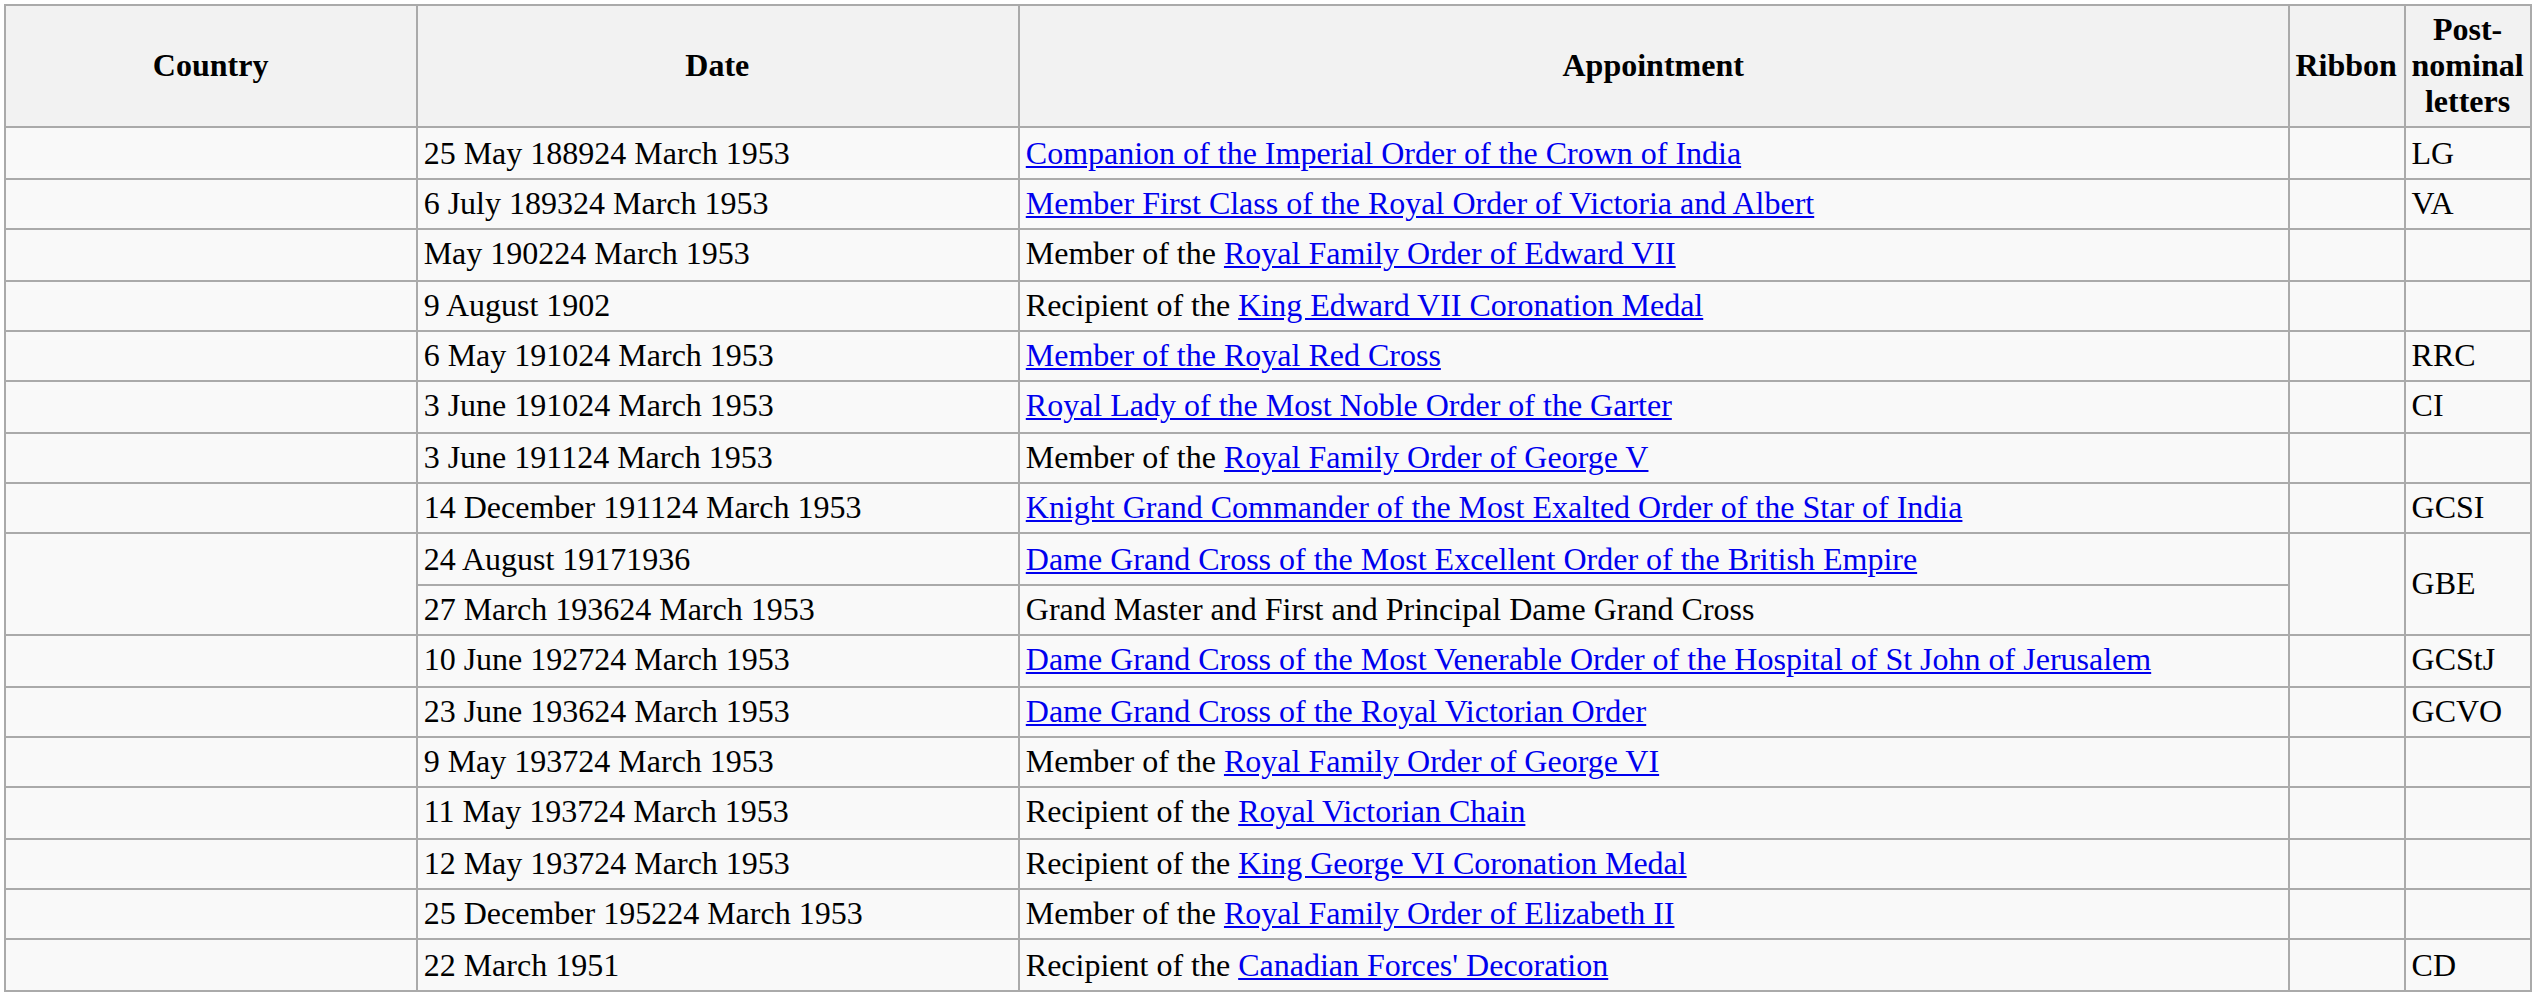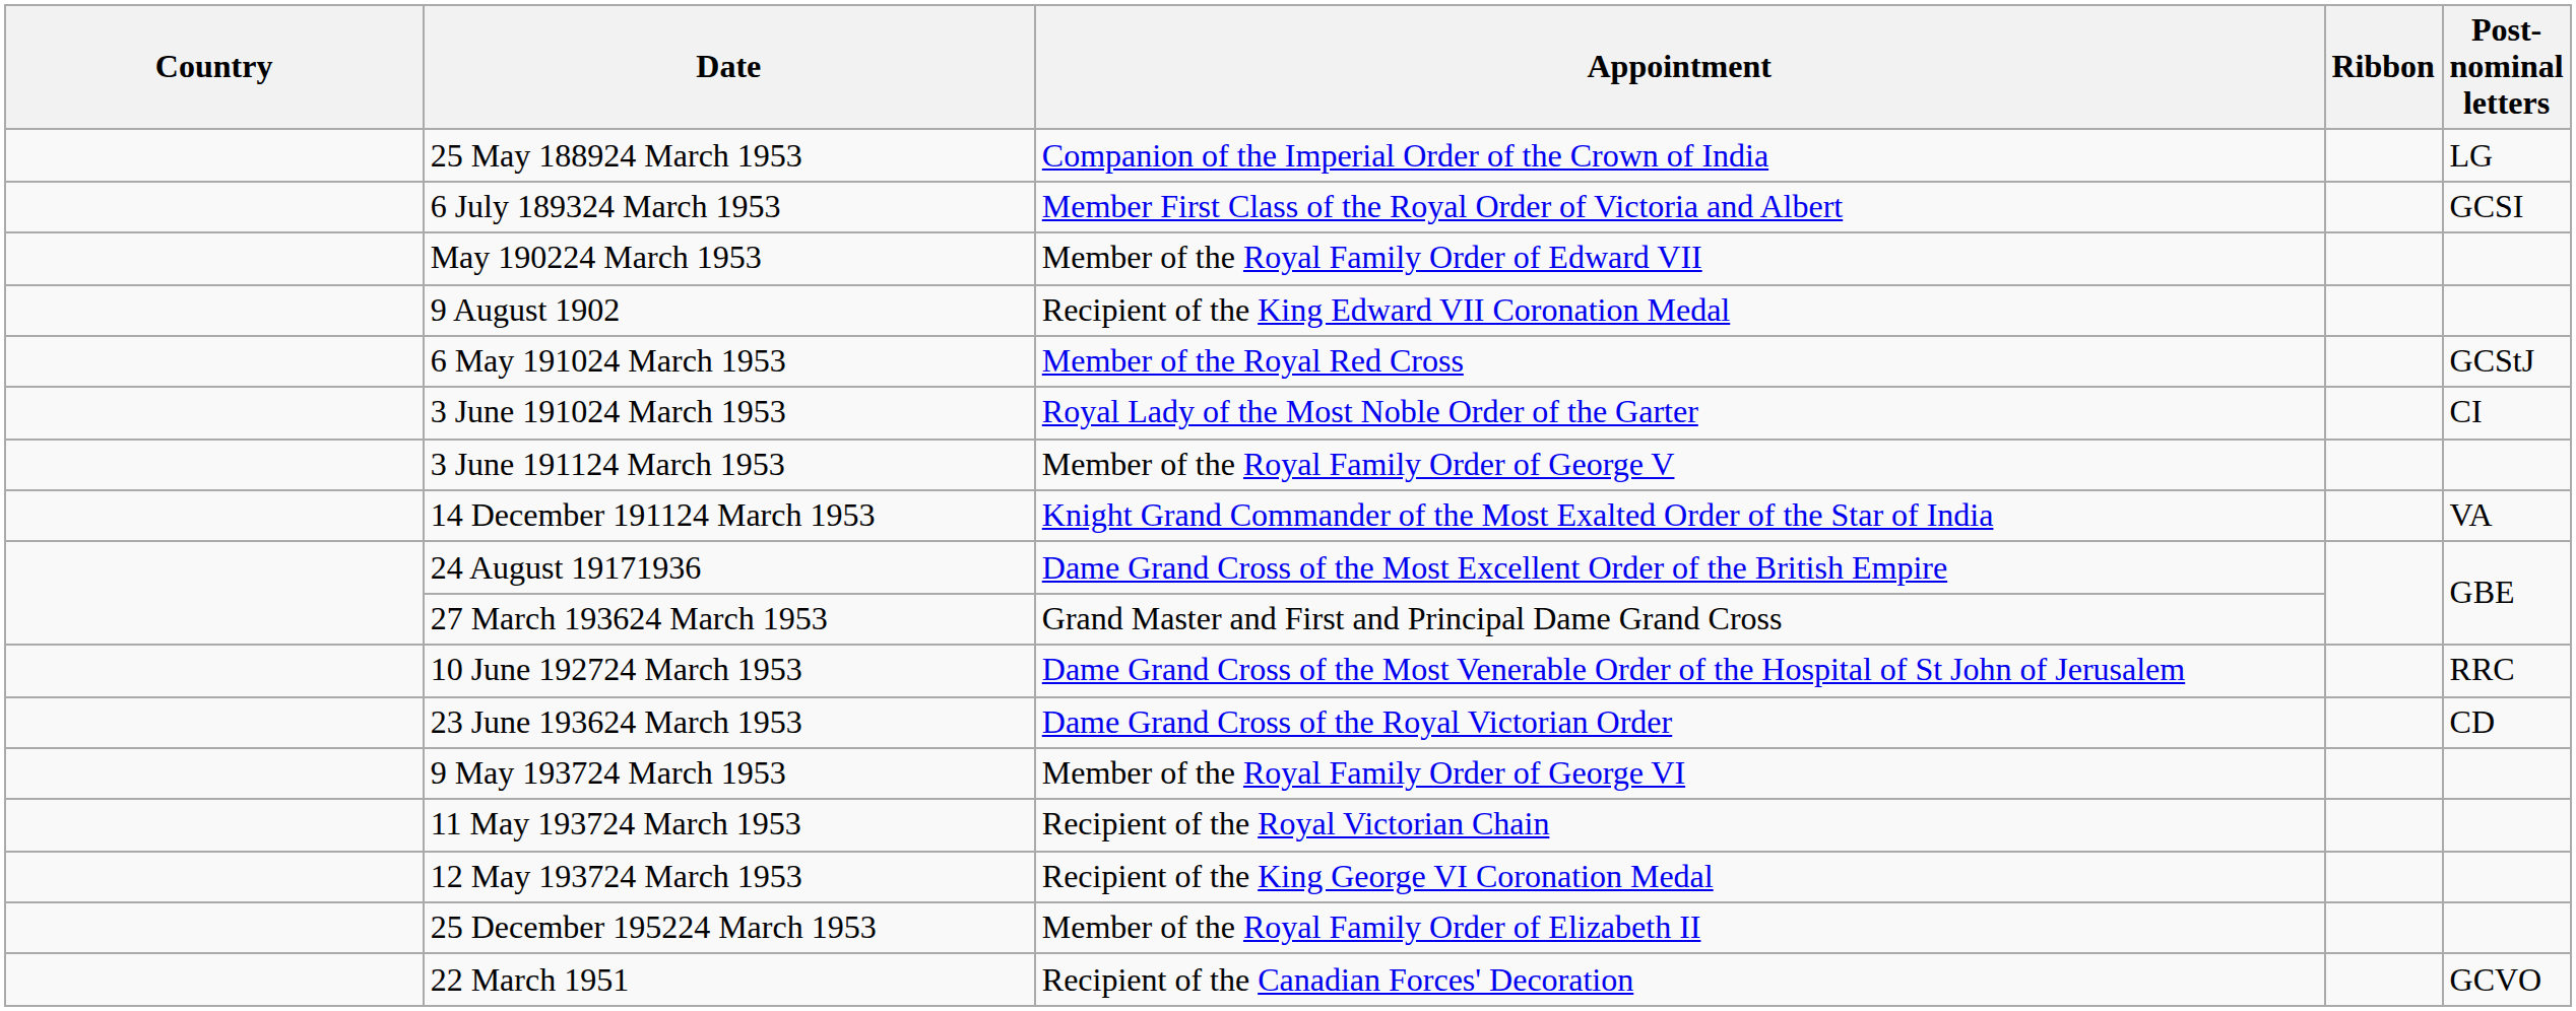 <table class="wikitable" width="100%">
 <tr>
 <th width="17%">Country</th>
 <th width="25%">Date</th>
 <th width="53%" colspan="2">Appointment</th>
 <th>Ribbon</th>
 <th width="5%">Post-nominal letters</th>
 </tr>
 <tr>
 <td></td>
 <td>25 May 188924 March 1953</td>
 <td colspan="2"><a href='#'>Companion of the Imperial Order of the Crown of India</a></td>
 <td></td>
 <td>LG</td>
 </tr>
 <tr>
 <td></td>
 <td>6 July 189324 March 1953</td>
 <td colspan="2"><a href='#'>Member First Class of the Royal Order of Victoria and Albert</a></td>
 <td></td>
-<td>VA</td>
+<td>GCSI</td>
 </tr>
 <tr>
 <td></td>
 <td>May 190224 March 1953</td>
 <td colspan="2">Member of the <a href='#'>Royal Family Order of Edward VII</a></td>
 <td></td>
 <td></td>
 </tr>
 <tr>
 <td></td>
 <td>9 August 1902</td>
 <td colspan="2">Recipient of the <a href='#'>King Edward VII Coronation Medal</a></td>
 <td></td>
 <td></td>
 </tr>
 <tr>
 <td></td>
 <td>6 May 191024 March 1953</td>
 <td colspan="2"><a href='#'>Member of the Royal Red Cross</a></td>
 <td></td>
-<td>RRC</td>
+<td>GCStJ</td>
 </tr>
 <tr>
 <td></td>
 <td>3 June 191024 March 1953</td>
 <td colspan="2"><a href='#'>Royal Lady of the Most Noble Order of the Garter</a></td>
 <td></td>
 <td>CI</td>
 </tr>
 <tr>
 <td></td>
 <td>3 June 191124 March 1953</td>
 <td colspan="2">Member of the <a href='#'>Royal Family Order of George V</a></td>
 <td></td>
 <td></td>
 </tr>
 <tr>
 <td></td>
 <td>14 December 191124 March 1953</td>
 <td colspan="2"><a href='#'>Knight Grand Commander of the Most Exalted Order of the Star of India</a></td>
 <td></td>
-<td>GCSI</td>
+<td>VA</td>
 </tr>
 <tr>
 <td rowspan="2"></td>
 <td>24 August 19171936</td>
 <td colspan="2"><a href='#'>Dame Grand Cross of the Most Excellent Order of the British Empire</a></td>
 <td rowspan="2"></td>
 <td rowspan="2">GBE</td>
 </tr>
 <tr>
 <td>27 March 193624 March 1953</td>
 <td colspan="2">Grand Master and First and Principal Dame Grand Cross</td>
 </tr>
 <tr>
 <td></td>
 <td>10 June 192724 March 1953</td>
 <td colspan="2"><a href='#'>Dame Grand Cross of the Most Venerable Order of the Hospital of St John of Jerusalem</a></td>
 <td></td>
-<td>GCStJ</td>
+<td>RRC</td>
 </tr>
 <tr>
 <td></td>
 <td>23 June 193624 March 1953</td>
 <td colspan="2"><a href='#'>Dame Grand Cross of the Royal Victorian Order</a></td>
 <td></td>
-<td>GCVO</td>
+<td>CD</td>
 </tr>
 <tr>
 <td></td>
 <td>9 May 193724 March 1953</td>
 <td colspan="2">Member of the <a href='#'>Royal Family Order of George VI</a></td>
 <td></td>
 <td></td>
 </tr>
 <tr>
 <td></td>
 <td>11 May 193724 March 1953</td>
 <td colspan="2">Recipient of the <a href='#'>Royal Victorian Chain</a></td>
 <td></td>
 <td></td>
 </tr>
 <tr>
 <td></td>
 <td>12 May 193724 March 1953</td>
 <td colspan="2">Recipient of the <a href='#'>King George VI Coronation Medal</a></td>
 <td></td>
 </tr>
 <tr>
 <td></td>
 <td>25 December 195224 March 1953</td>
 <td colspan="2">Member of the <a href='#'>Royal Family Order of Elizabeth II</a></td>
 <td></td>
 <td></td>
 </tr>
 <tr>
 <td></td>
 <td>22 March 1951</td>
 <td colspan="2">Recipient of the <a href='#'>Canadian Forces' Decoration</a></td>
 <td></td>
-<td>CD</td>
+<td>GCVO</td>
 </tr>
 </table>
